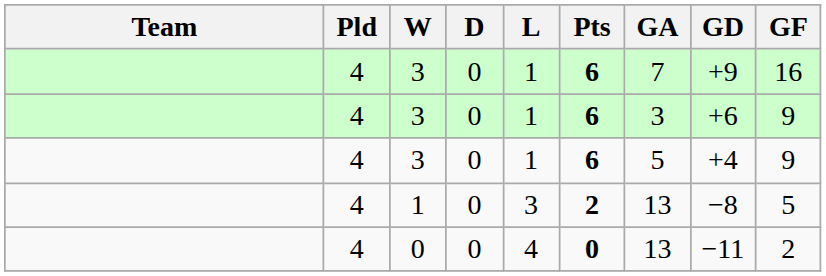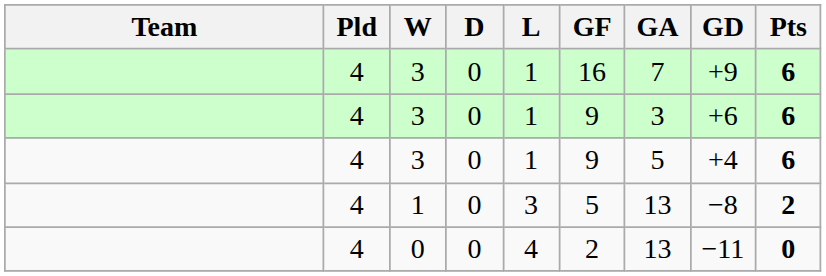 <table class="wikitable" style="text-align: center;">
 <tr>
 <th width="175">Team</th>
 <th width="30">Pld</th>
 <th width="25">W</th>
 <th width="25">D</th>
 <th width="25">L</th>
-<th width="30">Pts</th>
+<th width="30">GF</th>
 <th width="30">GA</th>
 <th width="30">GD</th>
-<th width="30">GF</th>
+<th width="30">Pts</th>
 </tr>
 <tr bgcolor="#ccffcc">
 <td align=left></td>
 <td>4</td>
 <td>3</td>
 <td>0</td>
 <td>1</td>
-<td><strong>6</strong></td>
+<td>16</td>
 <td>7</td>
 <td>+9</td>
-<td>16</td>
+<td><strong>6</strong></td>
 </tr>
 <tr bgcolor="#ccffcc">
 <td align=left></td>
 <td>4</td>
 <td>3</td>
 <td>0</td>
 <td>1</td>
-<td><strong>6</strong></td>
+<td>9</td>
 <td>3</td>
 <td>+6</td>
-<td>9</td>
+<td><strong>6</strong></td>
 </tr>
 <tr>
 <td align=left></td>
 <td>4</td>
 <td>3</td>
 <td>0</td>
 <td>1</td>
-<td><strong>6</strong></td>
+<td>9</td>
 <td>5</td>
 <td>+4</td>
-<td>9</td>
+<td><strong>6</strong></td>
 </tr>
 <tr>
 <td align=left></td>
 <td>4</td>
 <td>1</td>
 <td>0</td>
 <td>3</td>
-<td><strong>2</strong></td>
+<td>5</td>
 <td>13</td>
 <td>−8</td>
-<td>5</td>
+<td><strong>2</strong></td>
 </tr>
 <tr>
 <td align=left></td>
 <td>4</td>
 <td>0</td>
 <td>0</td>
 <td>4</td>
-<td><strong>0</strong></td>
+<td>2</td>
 <td>13</td>
 <td>−11</td>
-<td>2</td>
+<td><strong>0</strong></td>
 </tr>
 </table>
